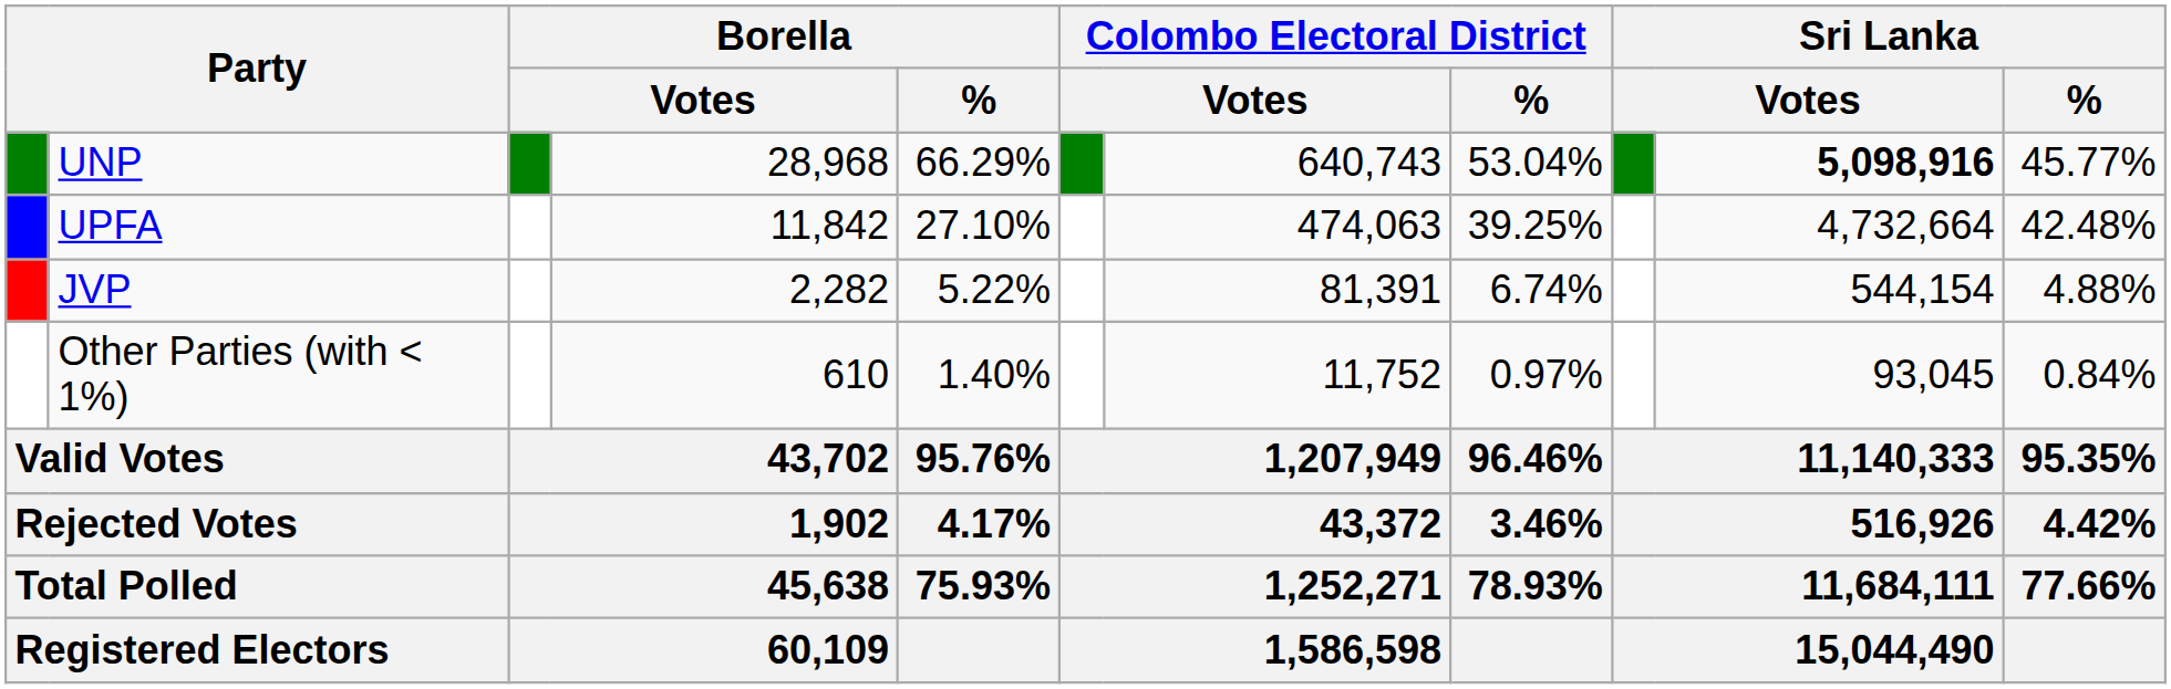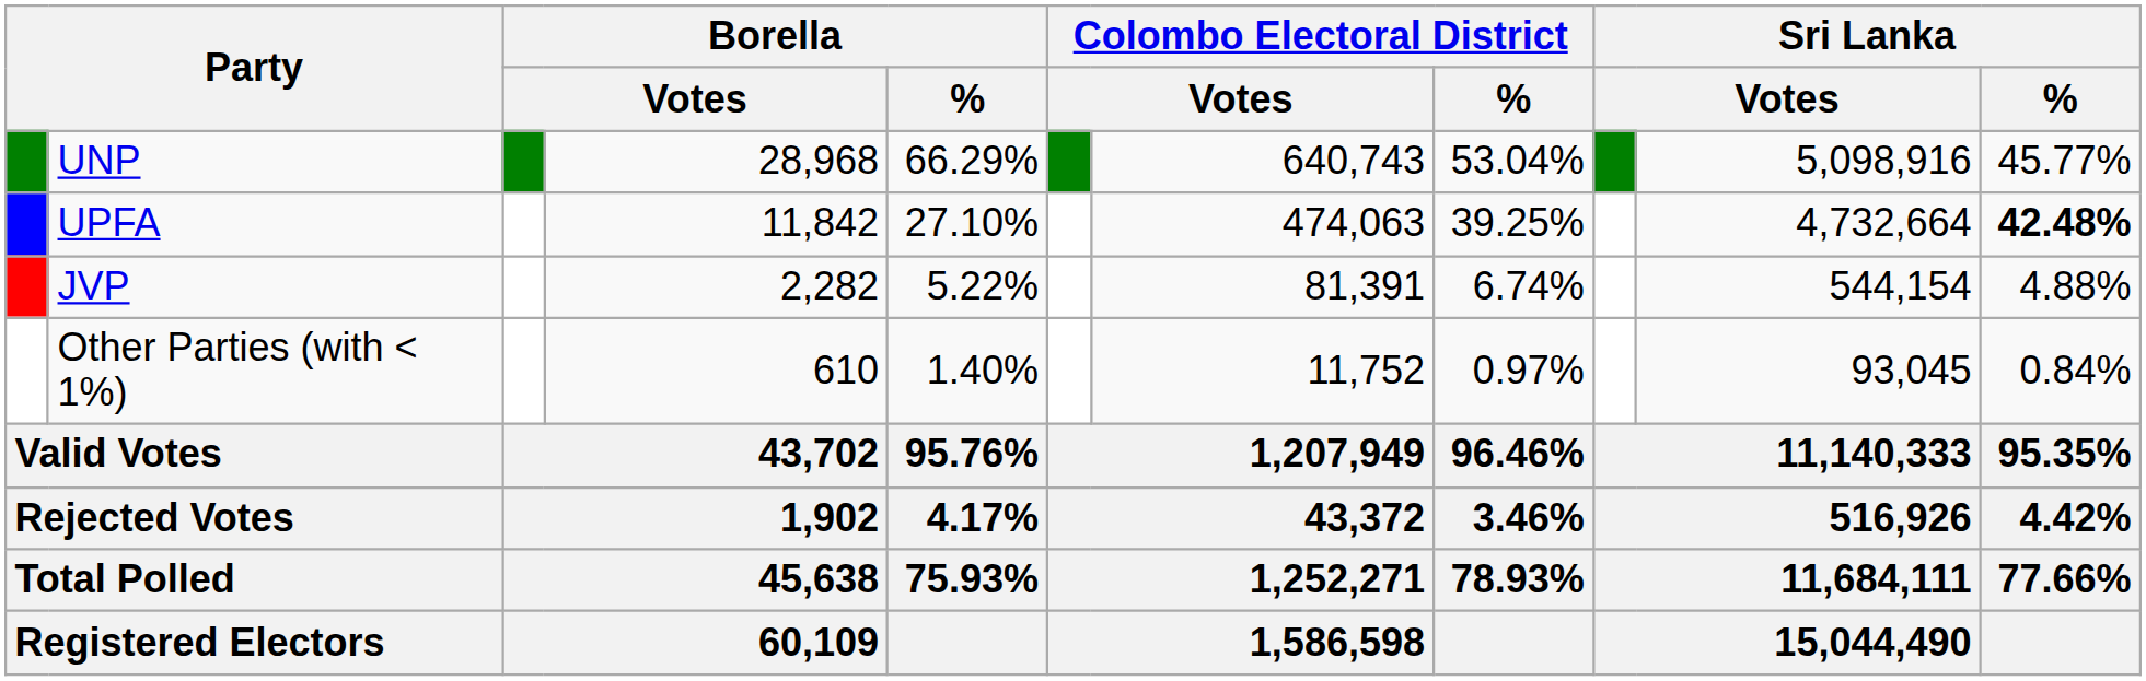 <table class="wikitable">
 <tr>
 <th colspan="2" width="144px"rowspan="2">Party</th>
 <th colspan="3" width="216px">Borella</th>
 <th colspan="3" width="216px"><a href='#'>Colombo Electoral District</a></th>
 <th colspan="3" width="216px">Sri Lanka</th>
 </tr>
 <tr>
 <th colspan="2" width="144px">Votes</th>
 <th>%</th>
 <th colspan="2" width="144px">Votes</th>
 <th>%</th>
 <th colspan="2" width="144px">Votes</th>
 <th>%</th>
 </tr>
 <tr>
 <td style="background-color:green;" width="10px"></td>
 <td style="text-align:left;"><a href='#'>UNP</a></td>
 <td style="background-color:green;" width="10px"></td>
 <td style="text-align:right;">28,968</td>
 <td style="text-align:right;">66.29%</td>
 <td style="background-color:green;" width="10px"></td>
 <td style="text-align:right;">640,743</td>
 <td style="text-align:right;">53.04%</td>
 <td style="background-color:green;" width="10px"></td>
-<td style="text-align:right;"><strong>5,098,916</strong></td>
+<td style="text-align:right;">5,098,916</td>
 <td style="text-align:right;">45.77%</td>
 </tr>
 <tr>
 <td style="background-color:blue;" width="10px"></td>
 <td style="text-align:left;"><a href='#'>UPFA</a></td>
 <td style="background-color:white;" width="10px"></td>
 <td style="text-align:right;">11,842</td>
 <td style="text-align:right;">27.10%</td>
 <td style="background-color:white;" width="10px"></td>
 <td style="text-align:right;">474,063</td>
 <td style="text-align:right;">39.25%</td>
 <td style="background-color:white;" width="10px"></td>
 <td style="text-align:right;">4,732,664</td>
-<td style="text-align:right;">42.48%</td>
+<td style="text-align:right;"><strong>42.48%</strong></td>
 </tr>
 <tr>
 <td style="background-color:red;" width="10px"></td>
 <td style="text-align:left;"><a href='#'>JVP</a></td>
 <td style="background-color:white;" width="10px"></td>
 <td style="text-align:right;">2,282</td>
 <td style="text-align:right;">5.22%</td>
 <td style="background-color:white;" width="10px"></td>
 <td style="text-align:right;">81,391</td>
 <td style="text-align:right;">6.74%</td>
 <td style="background-color:white;" width="10px"></td>
 <td style="text-align:right;">544,154</td>
 <td style="text-align:right;">4.88%</td>
 </tr>
 <tr>
 <td style="background-color:white;" width="10px"></td>
 <td style="text-align:left;">Other Parties (with < 1%)</td>
 <td style="background-color:white;" width="10px"></td>
 <td style="text-align:right;">610</td>
 <td style="text-align:right;">1.40%</td>
 <td style="background-color:white;" width="10px"></td>
 <td style="text-align:right;">11,752</td>
 <td style="text-align:right;">0.97%</td>
 <td style="background-color:white;" width="10px"></td>
 <td style="text-align:right;">93,045</td>
 <td style="text-align:right;">0.84%</td>
 </tr>
 <tr>
 <th colspan="2" width="144px"style="text-align:left;">Valid Votes</th>
 <th style="text-align:right;"colspan="2" width="144px">43,702</th>
 <th style="text-align:right;">95.76%</th>
 <th style="text-align:right;"colspan="2" width="144px">1,207,949</th>
 <th style="text-align:right;">96.46%</th>
 <th style="text-align:right;"colspan="2" width="144px">11,140,333</th>
 <th style="text-align:right;">95.35%</th>
 </tr>
 <tr>
 <th colspan="2" width="144px"style="text-align:left;">Rejected Votes</th>
 <th style="text-align:right;"colspan="2" width="144px">1,902</th>
 <th style="text-align:right;">4.17%</th>
 <th style="text-align:right;"colspan="2" width="144px">43,372</th>
 <th style="text-align:right;">3.46%</th>
 <th style="text-align:right;"colspan="2" width="144px">516,926</th>
 <th style="text-align:right;">4.42%</th>
 </tr>
 <tr>
 <th colspan="2" width="144px"style="text-align:left;">Total Polled</th>
 <th style="text-align:right;"colspan="2" width="144px">45,638</th>
 <th style="text-align:right;">75.93%</th>
 <th style="text-align:right;"colspan="2" width="144px">1,252,271</th>
 <th style="text-align:right;">78.93%</th>
 <th style="text-align:right;"colspan="2" width="144px">11,684,111</th>
 <th style="text-align:right;">77.66%</th>
 </tr>
 <tr>
 <th colspan="2" width="144px"style="text-align:left;">Registered Electors</th>
 <th style="text-align:right;"colspan="2" width="144px">60,109</th>
 <th></th>
 <th style="text-align:right;"colspan="2" width="144px">1,586,598</th>
 <th></th>
 <th style="text-align:right;"colspan="2" width="144px">15,044,490</th>
 <th></th>
 </tr>
 </table>
